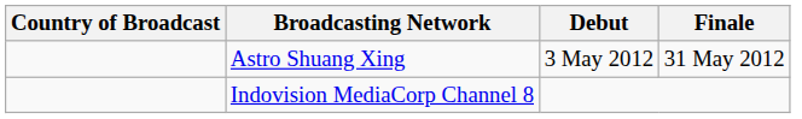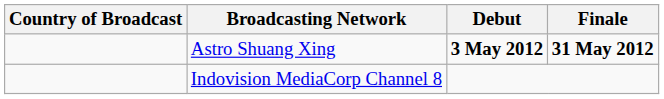 <table class="wikitable">
 <tr>
 <th>Country of Broadcast</th>
 <th>Broadcasting Network</th>
 <th>Debut</th>
 <th>Finale</th>
 </tr>
 <tr>
 <td></td>
 <td><a href='#'>Astro Shuang Xing</a></td>
-<td>3 May 2012</td>
-<td>31 May 2012</td>
+<td><strong>3 May 2012</strong></td>
+<td><strong>31 May 2012</strong></td>
 </tr>
 <tr>
 <td></td>
 <td><a href='#'>Indovision MediaCorp Channel 8</a></td>
 </tr>
 </table>
